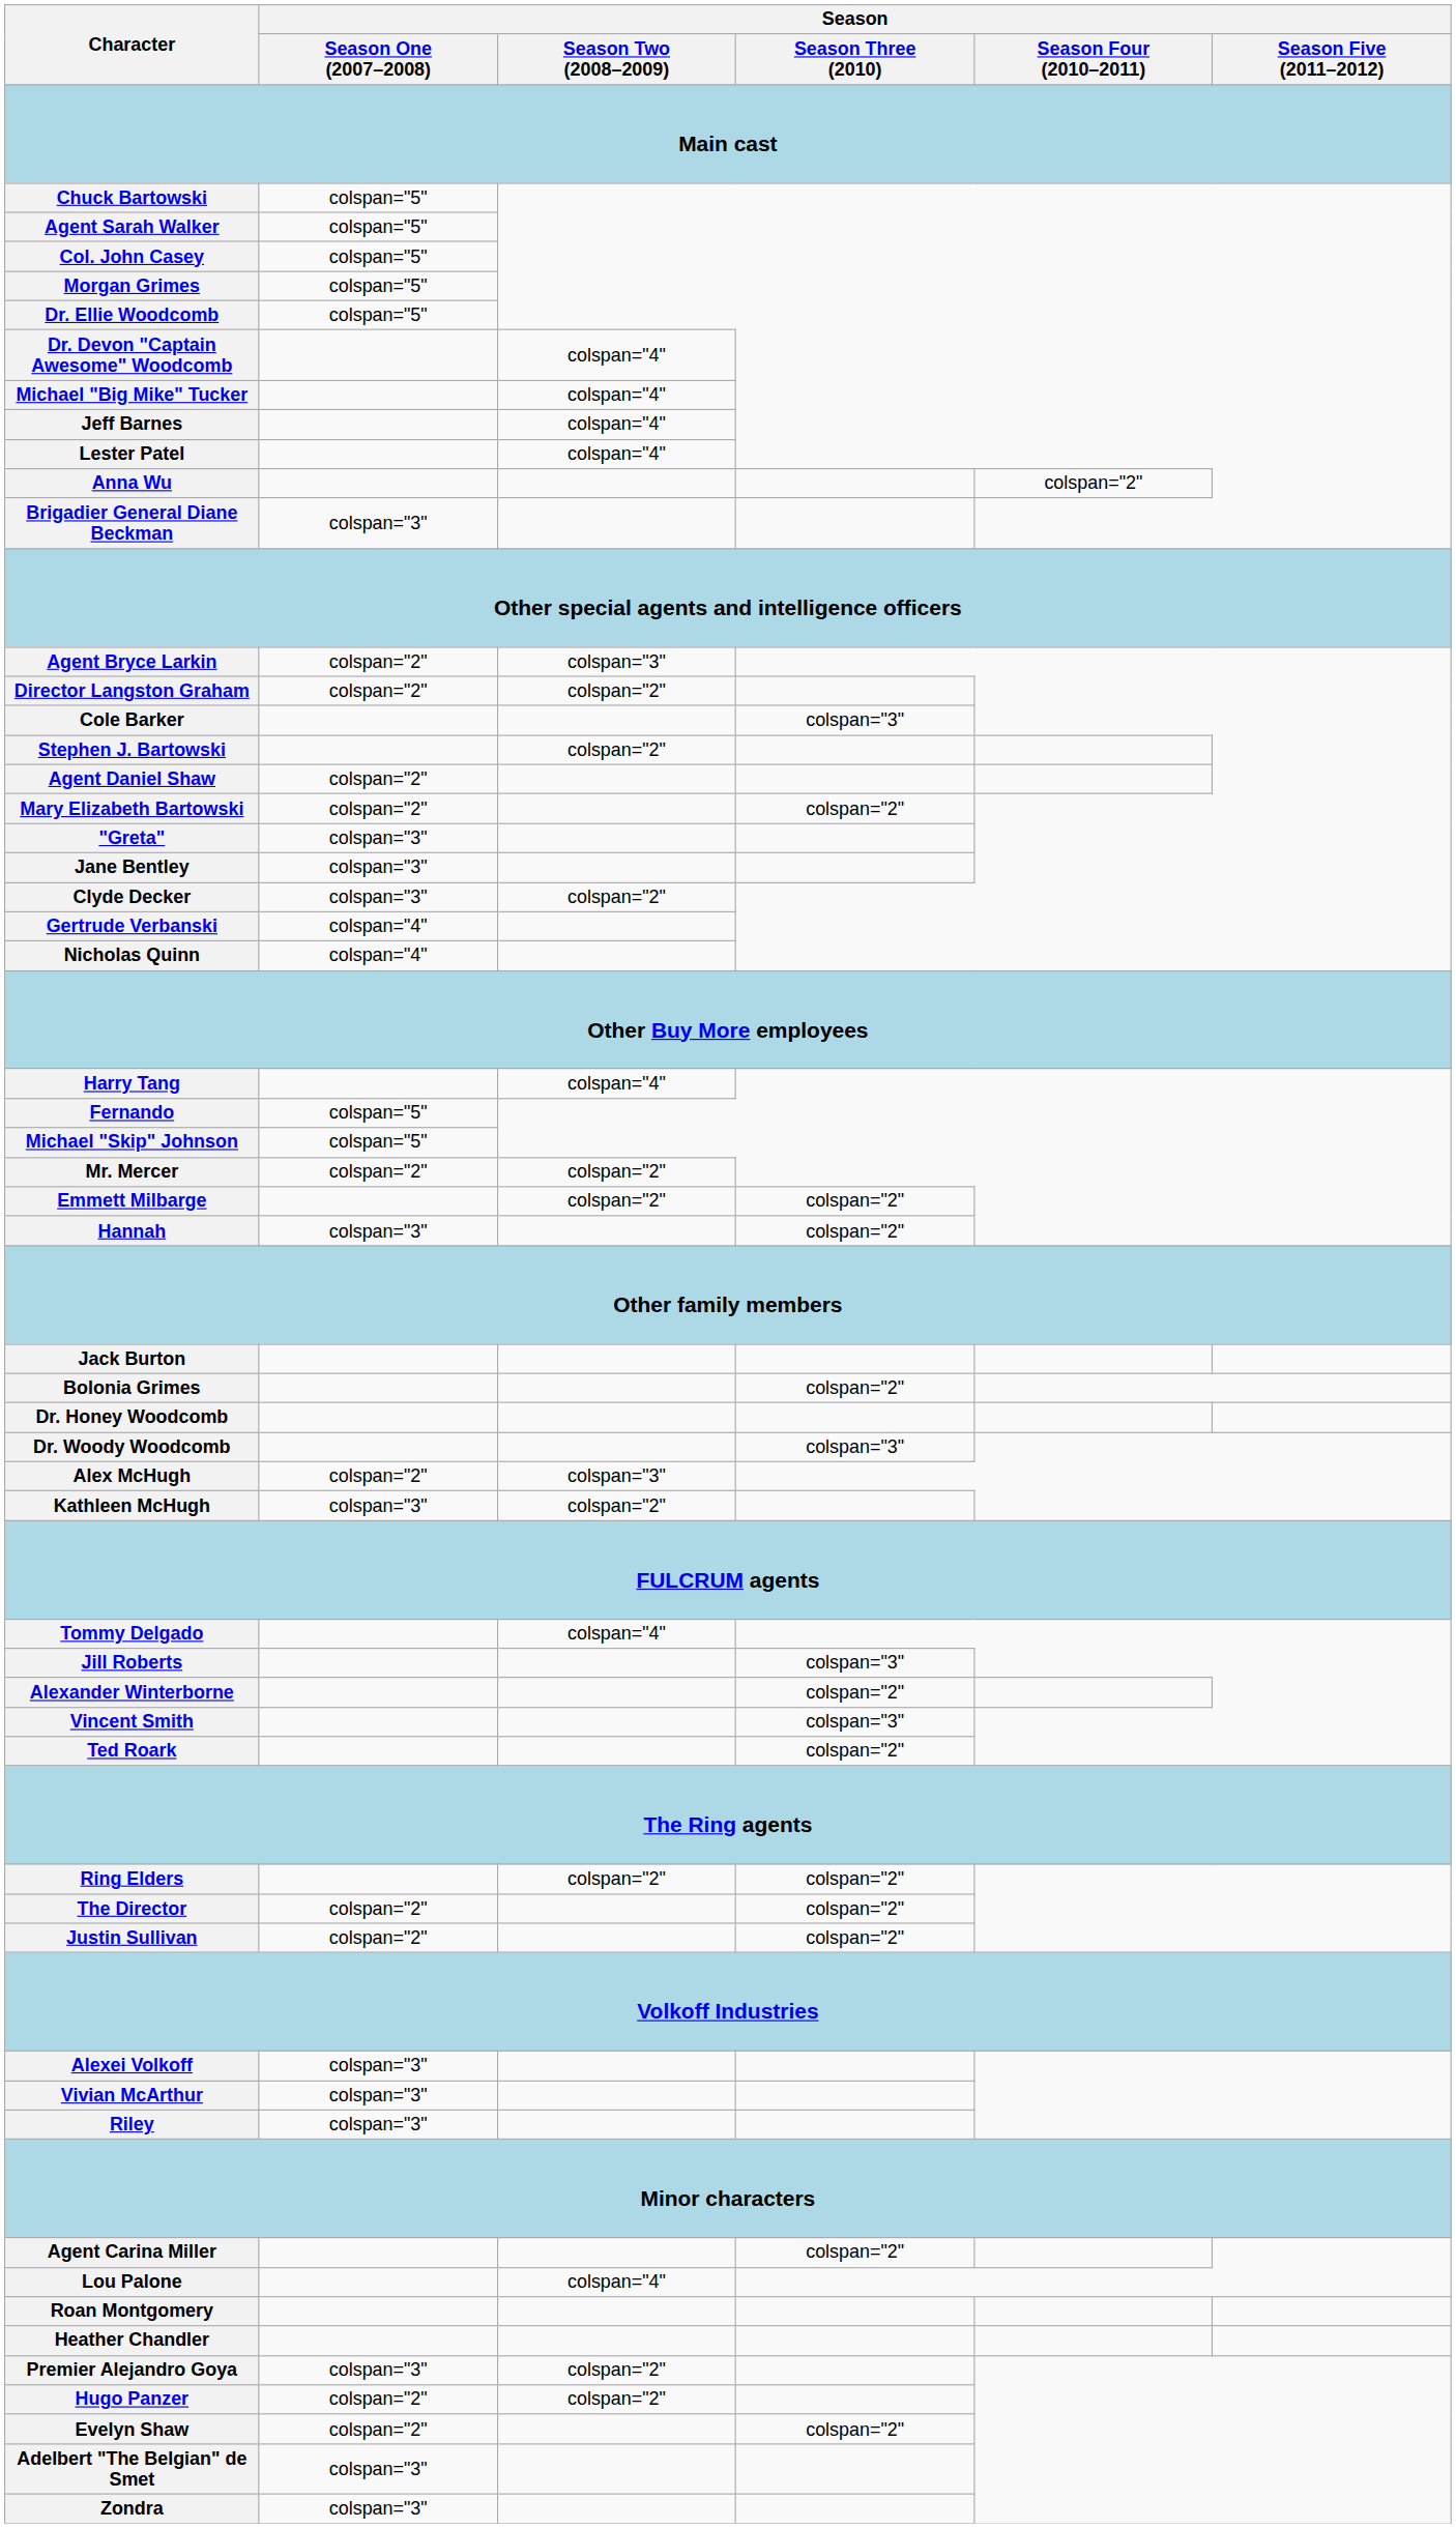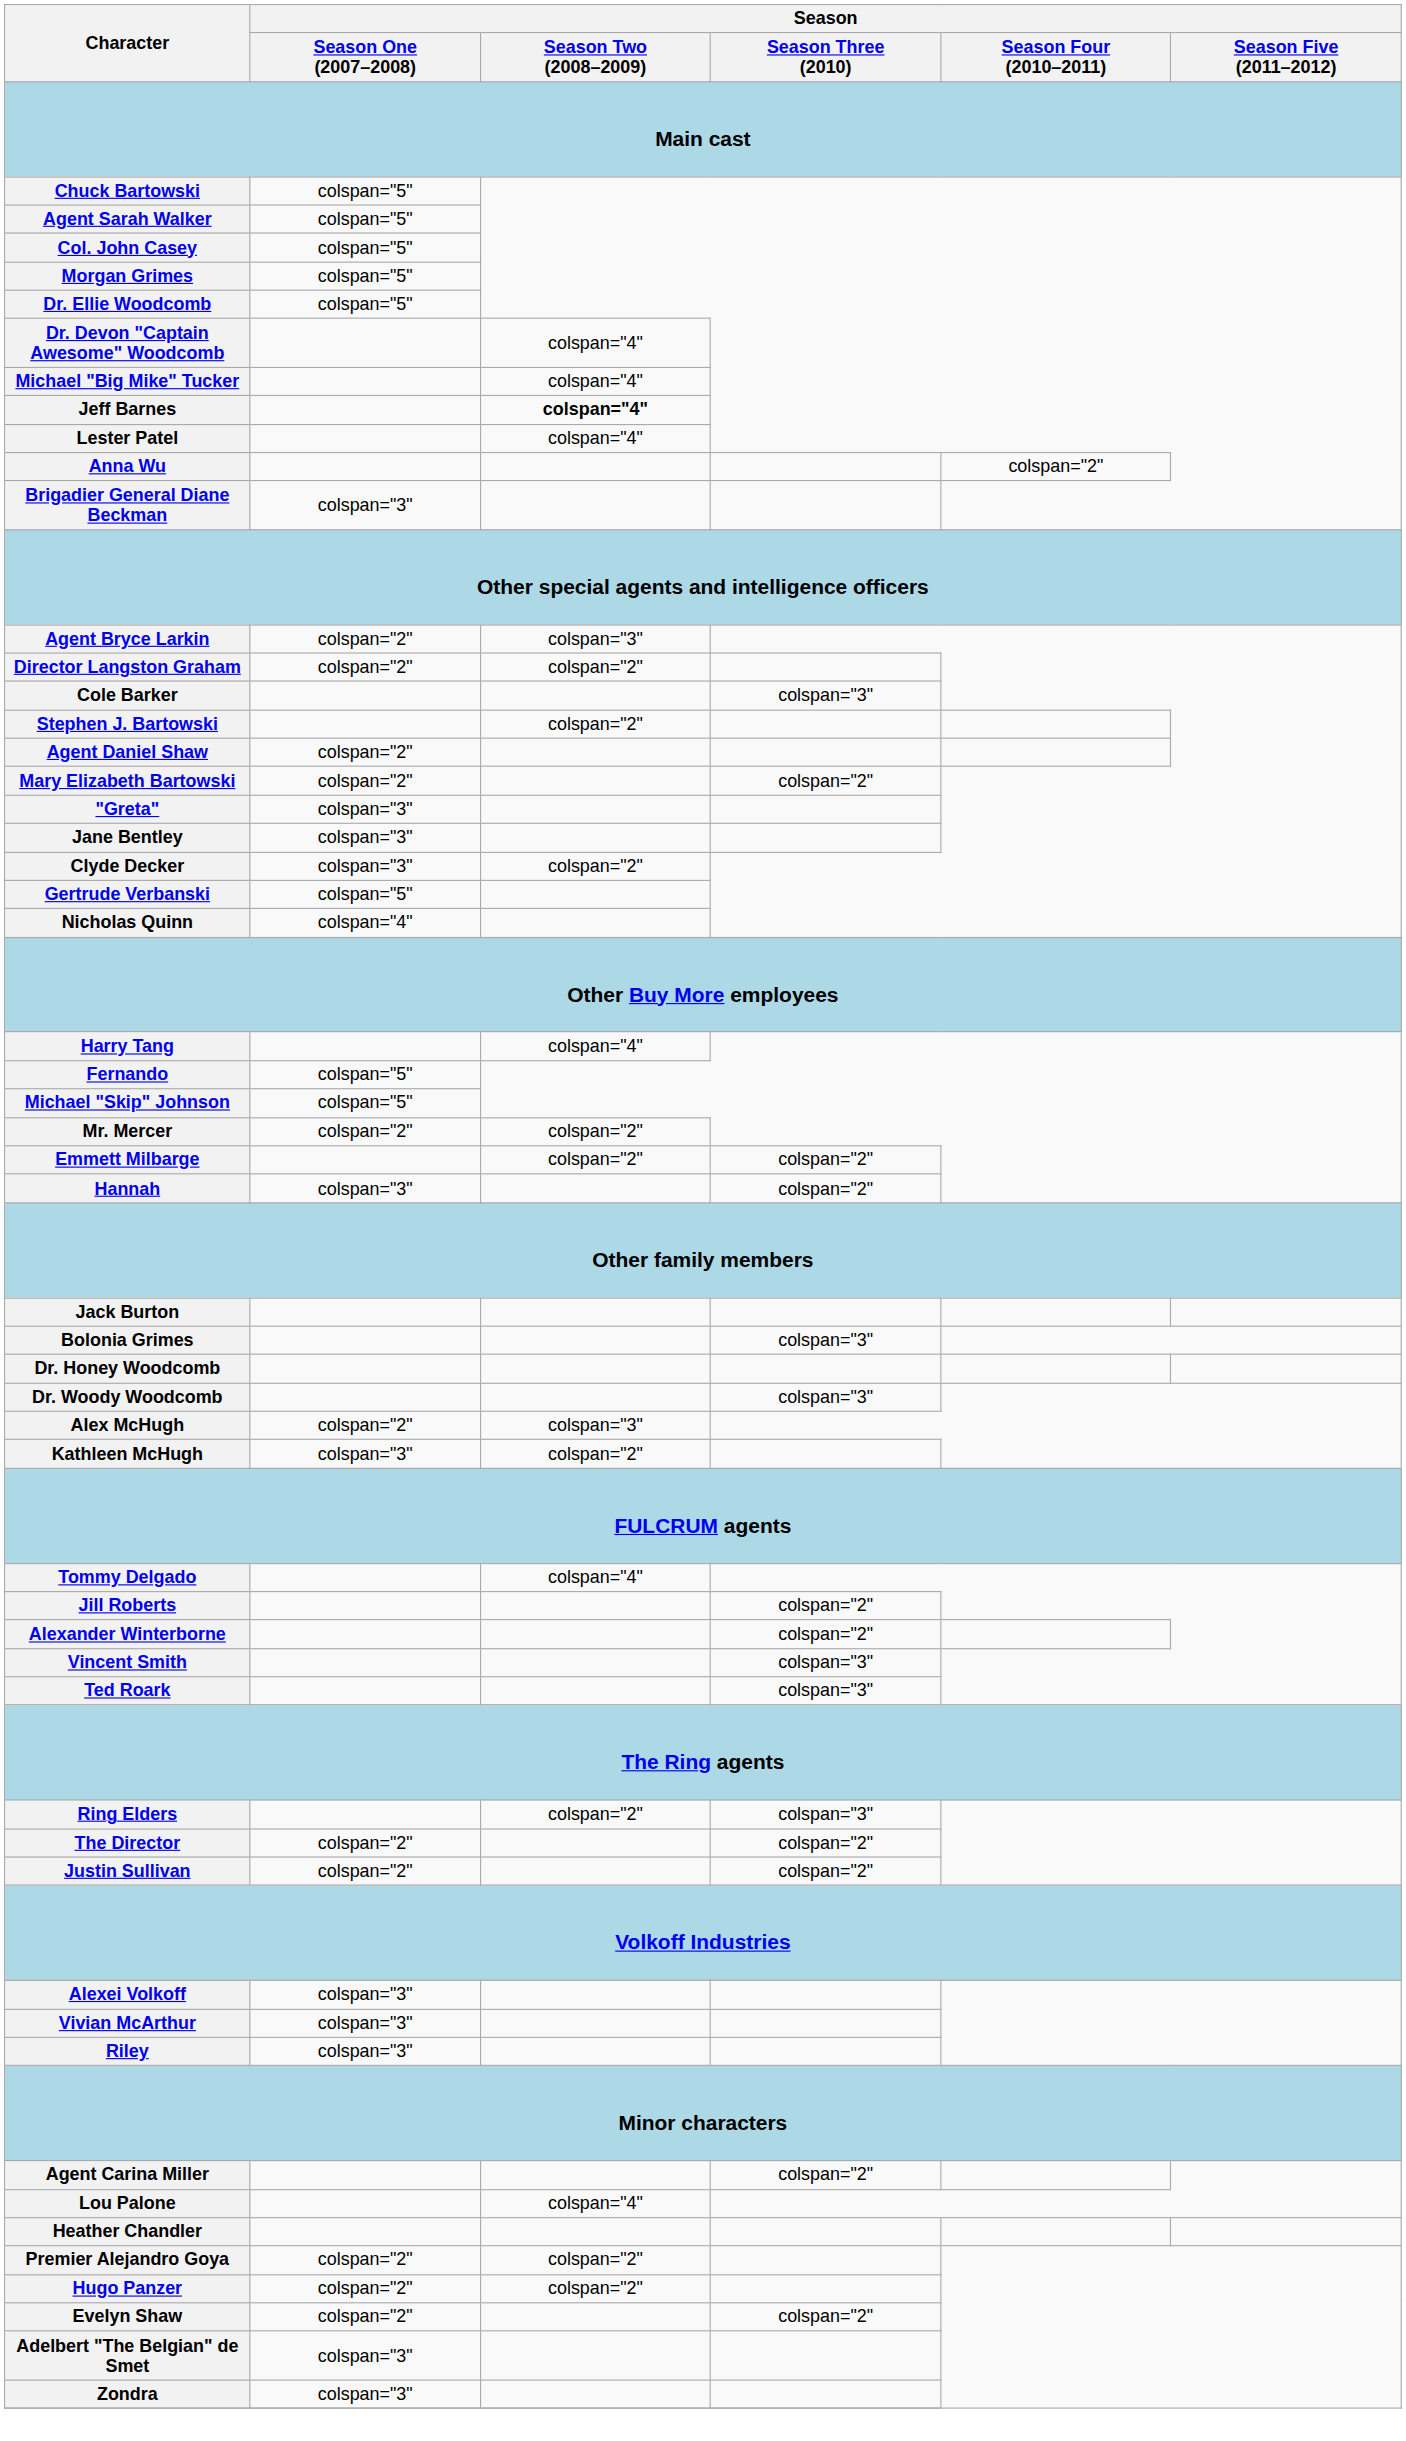 <table class="wikitable" style="text-align:center">
 <tr>
 <th rowspan="2" width="16%">Character</th>
 <th colspan="5" align="center">Season</th>
 </tr>
 <tr>
 <th align="center" width="15%"><a href='#'>Season One</a><br>(2007–2008)</th>
 <th align="center" width="15%"><a href='#'>Season Two</a><br>(2008–2009)</th>
 <th align="center" width="15%"><a href='#'>Season Three</a><br>(2010)</th>
 <th align="center" width="15%"><a href='#'>Season Four</a><br>(2010–2011)</th>
 <th align="center" width="15%"><a href='#'>Season Five</a><br>(2011–2012)</th>
 </tr>
 <tr>
 <th colspan="6" style="background-color:lightblue;"><br><h3>Main cast</h3></th>
 </tr>
 <tr>
 <th><a href='#'>Chuck Bartowski</a></th>
 <td>colspan="5" </td>
 </tr>
 <tr>
 <th><a href='#'>Agent Sarah Walker</a></th>
 <td>colspan="5" </td>
 </tr>
 <tr>
 <th><a href='#'>Col. John Casey</a></th>
 <td>colspan="5" </td>
 </tr>
 <tr>
 <th><a href='#'>Morgan Grimes</a></th>
 <td>colspan="5" </td>
 </tr>
 <tr>
 <th><a href='#'>Dr. Ellie Woodcomb</a></th>
 <td>colspan="5" </td>
 </tr>
 <tr>
 <th><a href='#'>Dr. Devon "Captain Awesome" Woodcomb</a></th>
 <td></td>
 <td>colspan="4" </td>
 </tr>
 <tr>
 <th><a href='#'>Michael "Big Mike" Tucker</a></th>
 <td></td>
 <td>colspan="4" </td>
 </tr>
 <tr>
 <th>Jeff Barnes</th>
 <td></td>
-<td>colspan="4" </td>
+<td><strong>colspan="4" </strong></td>
 </tr>
 <tr>
 <th>Lester Patel</th>
 <td></td>
 <td>colspan="4" </td>
 </tr>
 <tr>
 <th><a href='#'>Anna Wu</a></th>
 <td></td>
 <td></td>
 <td></td>
 <td>colspan="2" </td>
 </tr>
 <tr>
 <th><a href='#'>Brigadier General Diane Beckman</a></th>
 <td>colspan="3" </td>
 <td></td>
 <td></td>
 </tr>
 <tr>
 <th colspan="6" style="background-color:lightblue;"><br><h3>Other special agents and intelligence officers</h3></th>
 </tr>
 <tr>
 <th><a href='#'>Agent Bryce Larkin</a></th>
 <td>colspan="2" </td>
 <td>colspan="3" </td>
 </tr>
 <tr>
 <th><a href='#'>Director Langston Graham</a></th>
 <td>colspan="2" </td>
 <td>colspan="2" </td>
 <td></td>
 </tr>
 <tr>
 <th>Cole Barker</th>
 <td></td>
 <td></td>
 <td>colspan="3" </td>
 </tr>
 <tr>
 <th><a href='#'>Stephen J. Bartowski</a></th>
 <td></td>
 <td>colspan="2" </td>
 <td></td>
 <td></td>
 </tr>
 <tr>
 <th><a href='#'>Agent Daniel Shaw</a></th>
 <td>colspan="2" </td>
 <td></td>
 <td></td>
 <td></td>
 </tr>
 <tr>
 <th><a href='#'>Mary Elizabeth Bartowski</a></th>
 <td>colspan="2" </td>
 <td></td>
 <td>colspan="2" </td>
 </tr>
 <tr>
 <th><a href='#'>"Greta"</a></th>
 <td>colspan="3" </td>
 <td></td>
 <td></td>
 </tr>
 <tr>
 <th>Jane Bentley</th>
 <td>colspan="3" </td>
 <td></td>
 <td></td>
 </tr>
 <tr>
 <th>Clyde Decker</th>
 <td>colspan="3" </td>
 <td>colspan="2" </td>
 </tr>
 <tr>
 <th><a href='#'>Gertrude Verbanski</a></th>
-<td>colspan="4" </td>
+<td>colspan="5" </td>
 <td></td>
 </tr>
 <tr>
 <th>Nicholas Quinn</th>
 <td>colspan="4" </td>
 <td></td>
 </tr>
 <tr>
 <th colspan="6" style="background-color:lightblue;"><br><h3>Other <a href='#'>Buy More</a> employees</h3></th>
 </tr>
 <tr>
 <th><a href='#'>Harry Tang</a></th>
 <td></td>
 <td>colspan="4" </td>
 </tr>
 <tr>
 <th><a href='#'>Fernando</a></th>
 <td>colspan="5" </td>
 </tr>
 <tr>
 <th><a href='#'>Michael "Skip" Johnson</a></th>
 <td>colspan="5" </td>
 </tr>
 <tr>
 <th>Mr. Mercer</th>
 <td>colspan="2" </td>
 <td>colspan="2" </td>
 </tr>
 <tr>
 <th><a href='#'>Emmett Milbarge</a></th>
 <td></td>
 <td>colspan="2" </td>
 <td>colspan="2" </td>
 </tr>
 <tr>
 <th><a href='#'>Hannah</a></th>
 <td>colspan="3" </td>
 <td></td>
 <td>colspan="2" </td>
 </tr>
 <tr>
 <th colspan="6" style="background-color:lightblue;"><br><h3>Other family members</h3></th>
 </tr>
 <tr>
 <th>Jack Burton</th>
 <td></td>
 <td></td>
 <td></td>
 <td></td>
 <td></td>
 </tr>
 <tr>
 <th>Bolonia Grimes</th>
 <td></td>
 <td></td>
-<td>colspan="2" </td>
+<td>colspan="3" </td>
 </tr>
 <tr>
 <th>Dr. Honey Woodcomb</th>
 <td></td>
 <td></td>
 <td></td>
 <td></td>
 <td></td>
 </tr>
 <tr>
 <th>Dr. Woody Woodcomb</th>
 <td></td>
 <td></td>
 <td>colspan="3" </td>
 </tr>
 <tr>
 <th>Alex McHugh</th>
 <td>colspan="2" </td>
 <td>colspan="3" </td>
 </tr>
 <tr>
 <th>Kathleen McHugh</th>
 <td>colspan="3" </td>
 <td>colspan="2" </td>
 <td></td>
 </tr>
 <tr>
 <th colspan="6" style="background-color:lightblue;"><br><h3><a href='#'>FULCRUM</a> agents</h3></th>
 </tr>
 <tr>
 <th><a href='#'>Tommy Delgado</a></th>
 <td></td>
 <td>colspan="4" </td>
 </tr>
 <tr>
 <th><a href='#'>Jill Roberts</a></th>
 <td></td>
 <td></td>
-<td>colspan="3" </td>
+<td>colspan="2" </td>
 </tr>
 <tr>
 <th><a href='#'>Alexander Winterborne</a></th>
 <td></td>
 <td></td>
 <td>colspan="2" </td>
 <td></td>
 </tr>
 <tr>
 <th><a href='#'>Vincent Smith</a></th>
 <td></td>
 <td></td>
 <td>colspan="3" </td>
 </tr>
 <tr>
 <th><a href='#'>Ted Roark</a></th>
 <td></td>
 <td></td>
-<td>colspan="2" </td>
+<td>colspan="3" </td>
 </tr>
 <tr>
 <th colspan="6" style="background-color:lightblue;"><br><h3><a href='#'>The Ring</a> agents</h3></th>
 </tr>
 <tr>
 <th><a href='#'>Ring Elders</a></th>
 <td></td>
 <td>colspan="2" </td>
-<td>colspan="2" </td>
+<td>colspan="3" </td>
 </tr>
 <tr>
 <th><a href='#'>The Director</a></th>
 <td>colspan="2" </td>
 <td></td>
 <td>colspan="2" </td>
 </tr>
 <tr>
 <th><a href='#'>Justin Sullivan</a></th>
 <td>colspan="2" </td>
 <td></td>
 <td>colspan="2" </td>
 </tr>
 <tr>
 <th colspan="6" style="background-color:lightblue;"><br><h3><a href='#'>Volkoff Industries</a></h3></th>
 </tr>
 <tr>
 <th><a href='#'>Alexei Volkoff</a></th>
 <td>colspan="3" </td>
 <td></td>
 <td></td>
 </tr>
 <tr>
 <th><a href='#'>Vivian McArthur</a></th>
 <td>colspan="3" </td>
 <td></td>
 <td></td>
 </tr>
 <tr>
 <th><a href='#'>Riley</a></th>
 <td>colspan="3" </td>
 <td></td>
 <td></td>
 </tr>
 <tr>
 <th colspan="6" style="background-color:lightblue;"><br><h3>Minor characters</h3></th>
 </tr>
 <tr>
 <th>Agent Carina Miller</th>
 <td></td>
 <td></td>
 <td>colspan="2" </td>
 <td></td>
 </tr>
 <tr>
 <th>Lou Palone</th>
 <td></td>
 <td>colspan="4" </td>
 </tr>
 <tr>
-<th>Roan Montgomery</th>
-<td></td>
-<td></td>
-<td></td>
-<td></td>
-<td></td>
-</tr>
-<tr>
 <th>Heather Chandler</th>
 <td></td>
 <td></td>
 <td></td>
 <td></td>
 <td></td>
 </tr>
 <tr>
 <th>Premier Alejandro Goya</th>
-<td>colspan="3" </td>
+<td>colspan="2" </td>
 <td>colspan="2" </td>
 <td></td>
 </tr>
 <tr>
 <th><a href='#'>Hugo Panzer</a></th>
 <td>colspan="2" </td>
 <td>colspan="2" </td>
 <td></td>
 </tr>
 <tr>
 <th>Evelyn Shaw</th>
 <td>colspan="2" </td>
 <td></td>
 <td>colspan="2" </td>
 </tr>
 <tr>
 <th>Adelbert "The Belgian" de Smet</th>
 <td>colspan="3" </td>
 <td></td>
 <td></td>
 </tr>
 <tr>
 <th>Zondra</th>
 <td>colspan="3" </td>
 <td></td>
 <td></td>
 </tr>
 <tr>
 </tr>
 </table>
